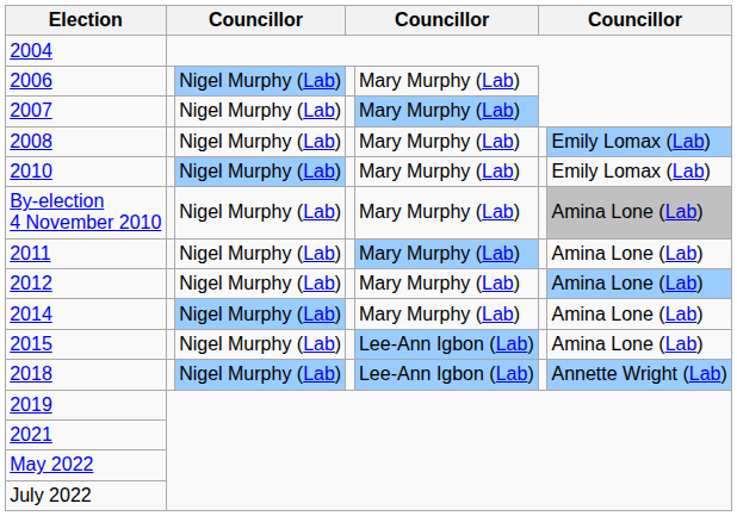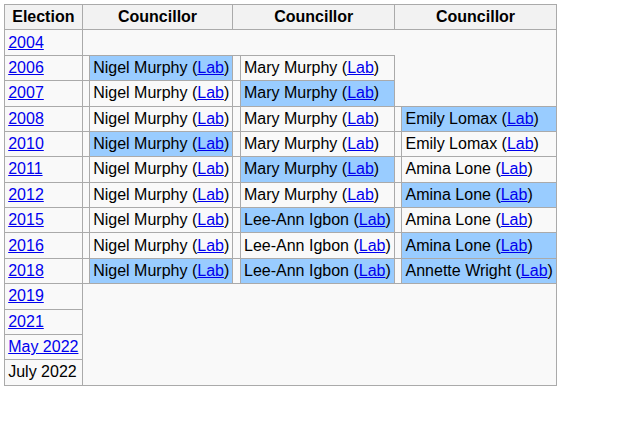 <table class="wikitable">
 <tr>
 <th>Election</th>
 <th colspan="2">Councillor</th>
 <th colspan="2">Councillor</th>
 <th colspan="2">Councillor</th>
 </tr>
 <tr>
 <td><a href='#'>2004</a><br>  </td>
 </tr>
 <tr>
 <td><a href='#'>2006</a></td>
 <td style="background-color: "></td>
 <td bgcolor="#99CCFF">Nigel Murphy (<a href='#'>Lab</a>)</td>
 <td style="background-color: "></td>
 <td>Mary Murphy (<a href='#'>Lab</a>)<br></td>
 </tr>
 <tr>
 <td><a href='#'>2007</a></td>
 <td style="background-color: "></td>
 <td>Nigel Murphy (<a href='#'>Lab</a>)</td>
 <td style="background-color: "></td>
 <td bgcolor="#99CCFF">Mary Murphy (<a href='#'>Lab</a>)<br></td>
 </tr>
 <tr>
 <td><a href='#'>2008</a></td>
 <td style="background-color: "></td>
 <td>Nigel Murphy (<a href='#'>Lab</a>)</td>
 <td style="background-color: "></td>
 <td>Mary Murphy (<a href='#'>Lab</a>)</td>
 <td style="background-color: "></td>
 <td bgcolor="#99CCFF">Emily Lomax (<a href='#'>Lab</a>)</td>
 </tr>
 <tr>
 <td><a href='#'>2010</a></td>
 <td style="background-color: "></td>
 <td bgcolor="#99CCFF">Nigel Murphy (<a href='#'>Lab</a>)</td>
 <td style="background-color: "></td>
 <td>Mary Murphy (<a href='#'>Lab</a>)</td>
 <td style="background-color: "></td>
 <td>Emily Lomax (<a href='#'>Lab</a>)</td>
 </tr>
 <tr>
-<td><a href='#'>By-election<br>4 November 2010</a></td>
-<td style="background-color: "></td>
-<td>Nigel Murphy (<a href='#'>Lab</a>)</td>
-<td style="background-color: "></td>
-<td>Mary Murphy (<a href='#'>Lab</a>)</td>
-<td style="background-color: "></td>
-<td bgcolor="#C0C0C0">Amina Lone (<a href='#'>Lab</a>)</td>
-</tr>
-<tr>
 <td><a href='#'>2011</a></td>
 <td style="background-color: "></td>
 <td>Nigel Murphy (<a href='#'>Lab</a>)</td>
 <td style="background-color: "></td>
 <td bgcolor="#99CCFF">Mary Murphy (<a href='#'>Lab</a>)</td>
 <td style="background-color: "></td>
 <td>Amina Lone (<a href='#'>Lab</a>)</td>
 </tr>
 <tr>
 <td><a href='#'>2012</a></td>
 <td style="background-color: "></td>
 <td>Nigel Murphy (<a href='#'>Lab</a>)</td>
 <td style="background-color: "></td>
 <td>Mary Murphy (<a href='#'>Lab</a>)</td>
 <td style="background-color: "></td>
 <td bgcolor="#99CCFF">Amina Lone (<a href='#'>Lab</a>)</td>
 </tr>
 <tr>
-<td><a href='#'>2014</a></td>
-<td style="background-color: "></td>
-<td bgcolor="#99CCFF">Nigel Murphy (<a href='#'>Lab</a>)</td>
-<td style="background-color: "></td>
-<td>Mary Murphy (<a href='#'>Lab</a>)</td>
-<td style="background-color: "></td>
-<td>Amina Lone (<a href='#'>Lab</a>)</td>
-</tr>
-<tr>
 <td><a href='#'>2015</a></td>
 <td style="background-color: "></td>
 <td>Nigel Murphy (<a href='#'>Lab</a>)</td>
 <td style="background-color: "></td>
 <td bgcolor="#99CCFF">Lee-Ann Igbon (<a href='#'>Lab</a>)</td>
 <td style="background-color: "></td>
 <td>Amina Lone (<a href='#'>Lab</a>)</td>
+</tr>
+<tr>
+<td><a href='#'>2016</a></td>
+<td style="background-color: "></td>
+<td>Nigel Murphy (<a href='#'>Lab</a>)</td>
+<td style="background-color: "></td>
+<td>Lee-Ann Igbon (<a href='#'>Lab</a>)</td>
+<td style="background-color: "></td>
+<td bgcolor="#99CCFF">Amina Lone (<a href='#'>Lab</a>)</td>
 </tr>
 <tr>
 <td><a href='#'>2018</a></td>
 <td style="background-color: "></td>
 <td bgcolor="#99CCFF">Nigel Murphy (<a href='#'>Lab</a>)</td>
 <td style="background-color: "></td>
 <td bgcolor="#99CCFF">Lee-Ann Igbon (<a href='#'>Lab</a>)</td>
 <td style="background-color: "></td>
 <td bgcolor="#99CCFF">Annette Wright (<a href='#'>Lab</a>)</td>
 </tr>
 <tr>
 <td><a href='#'>2019</a><br>  </td>
 </tr>
 <tr>
 <td><a href='#'>2021</a><br>  </td>
 </tr>
 <tr>
 <td><a href='#'>May 2022</a><br>  </td>
 </tr>
 <tr>
 <td>July 2022<br>  </td>
 </tr>
 </table>
